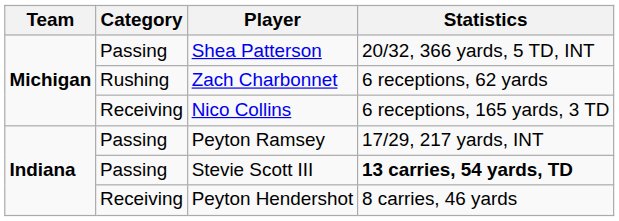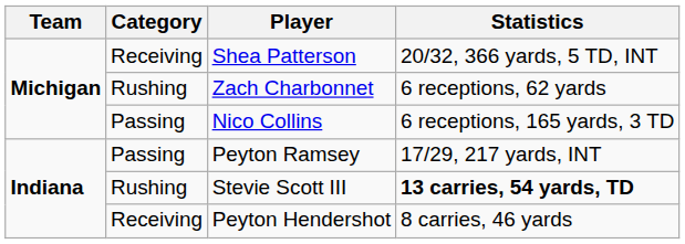 <table class="wikitable" style="float: right;">
 <tr>
 <th>Team</th>
 <th>Category</th>
 <th>Player</th>
 <th>Statistics</th>
 </tr>
 <tr>
 <td rowspan=3><strong>Michigan</strong></td>
-<td>Passing</td>
+<td>Receiving</td>
 <td><a href='#'>Shea Patterson</a></td>
 <td>20/32, 366 yards, 5 TD, INT</td>
 </tr>
 <tr>
 <td>Rushing</td>
 <td><a href='#'>Zach Charbonnet</a></td>
 <td>6 receptions, 62 yards</td>
 </tr>
 <tr>
-<td>Receiving</td>
+<td>Passing</td>
 <td><a href='#'>Nico Collins</a></td>
 <td>6 receptions, 165 yards, 3 TD</td>
 </tr>
 <tr>
 <td rowspan=3><strong>Indiana</strong></td>
 <td>Passing</td>
 <td>Peyton Ramsey</td>
 <td>17/29, 217 yards, INT</td>
 </tr>
 <tr>
-<td>Passing</td>
+<td>Rushing</td>
 <td>Stevie Scott III</td>
 <td><strong>13 carries, 54 yards, TD</strong></td>
 </tr>
 <tr>
 <td>Receiving</td>
 <td>Peyton Hendershot</td>
 <td>8 carries, 46 yards</td>
 </tr>
 </table>
